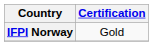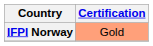 <table class="wikitable plainrowheaders sortable" style="text-align:center;">
 <tr>
 <th scope="col">Country</th>
 <th scope="col"><a href='#'>Certification</a></th>
 </tr>
 <tr>
 <th scope="row"><a href='#'>IFPI</a> Norway</th>
-<td>Gold</td>
+<td style="background: lightsalmon;">Gold</td>
 </tr>
 <tr>
 </tr>
 </table>
